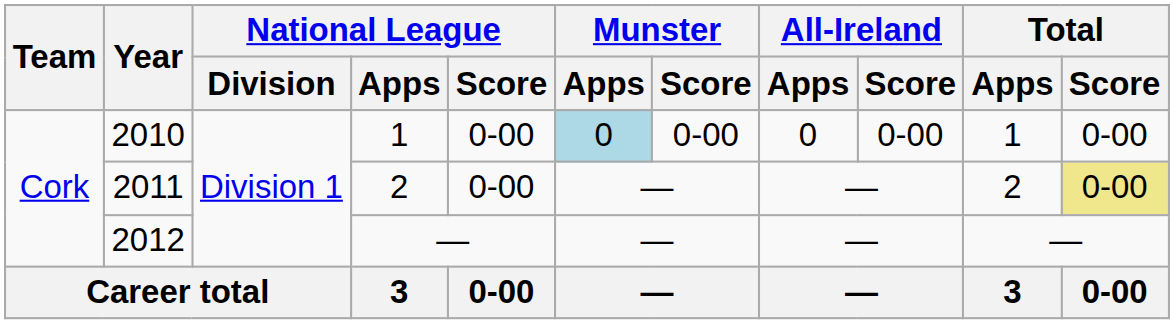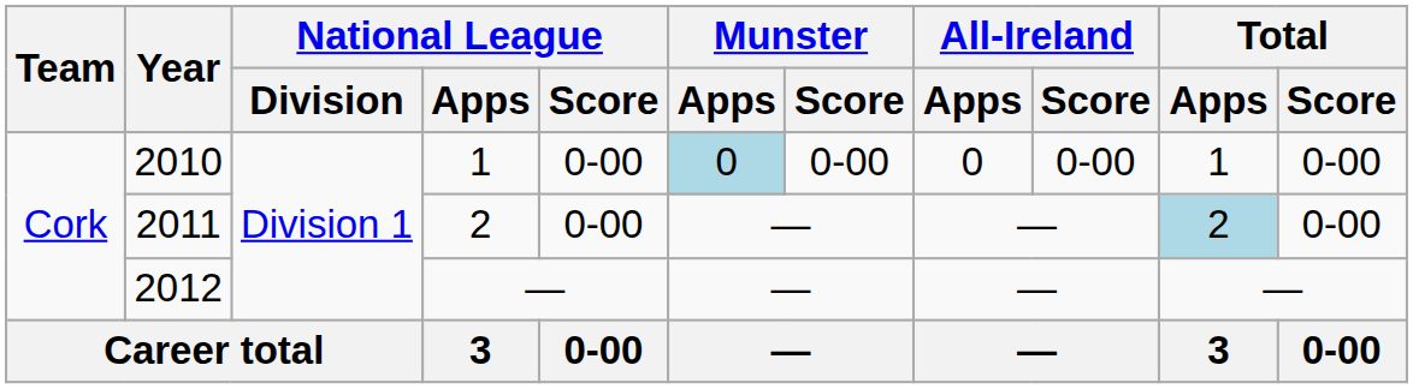 <table class="wikitable" style="text-align:center">
 <tr>
 <th rowspan="2">Team</th>
 <th rowspan="2">Year</th>
 <th colspan="3"><a href='#'>National League</a></th>
 <th colspan="2"><a href='#'>Munster</a></th>
 <th colspan="2"><a href='#'>All-Ireland</a></th>
 <th colspan="2">Total</th>
 </tr>
 <tr>
 <th>Division</th>
 <th>Apps</th>
 <th>Score</th>
 <th>Apps</th>
 <th>Score</th>
 <th>Apps</th>
 <th>Score</th>
 <th>Apps</th>
 <th>Score</th>
 </tr>
 <tr>
 <td rowspan="3"><a href='#'>Cork</a></td>
 <td>2010</td>
 <td rowspan="3"><a href='#'>Division 1</a></td>
 <td>1</td>
 <td>0-00</td>
 <td style="background: lightblue;">0</td>
 <td>0-00</td>
 <td>0</td>
 <td>0-00</td>
 <td>1</td>
 <td>0-00</td>
 </tr>
 <tr>
 <td>2011</td>
 <td>2</td>
 <td>0-00</td>
 <td colspan=2>—</td>
 <td colspan=2>—</td>
-<td>2</td>
-<td style="background: khaki;">0-00</td>
+<td style="background: lightblue;">2</td>
+<td>0-00</td>
 </tr>
 <tr>
 <td>2012</td>
 <td colspan=2>—</td>
 <td colspan=2>—</td>
 <td colspan=2>—</td>
 <td colspan=2>—</td>
 </tr>
 <tr>
 <th colspan="3">Career total</th>
 <th>3</th>
 <th>0-00</th>
 <th colspan=2>—</th>
 <th colspan=2>—</th>
 <th>3</th>
 <th>0-00</th>
 </tr>
 </table>
